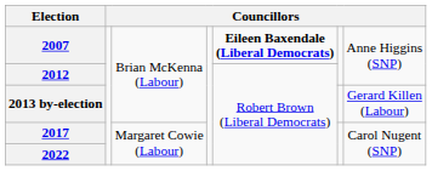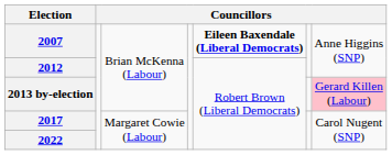 <table class="wikitable" style="text-align:center">
 <tr>
 <th>Election</th>
 <th colspan=8>Councillors</th>
 </tr>
 <tr>
 <th><a href='#'>2007</a></th>
 <td rowspan=5; style="background-color: "></td>
 <td rowspan=3>Brian McKenna<br>(<a href='#'>Labour</a>)</td>
 <td rowspan=5; style="background-color: "></td>
 <td rowspan=1><strong>Eileen Baxendale<br>(<a href='#'>Liberal Democrats</a>)</strong></td>
 <td rowspan=2; style="background-color: "></td>
 <td rowspan=2>Anne Higgins<br>(<a href='#'>SNP</a>)</td>
 </tr>
 <tr>
 <th><a href='#'>2012</a></th>
 <td rowspan=4><a href='#'>Robert Brown</a><br>(<a href='#'>Liberal Democrats</a>)</td>
 </tr>
 <tr>
 <th>2013 by-election</th>
 <td rowspan=1; style="background-color: "></td>
-<td rowspan=1><a href='#'>Gerard Killen</a><br>(<a href='#'>Labour</a>)</td>
+<td rowspan=1 style="background: pink;"><a href='#'>Gerard Killen</a><br>(<a href='#'>Labour</a>)</td>
 </tr>
 <tr>
 <th><a href='#'>2017</a></th>
 <td rowspan=2>Margaret Cowie<br>(<a href='#'>Labour</a>)</td>
 <td rowspan=2; style="background-color: "></td>
 <td rowspan=2>Carol Nugent<br>(<a href='#'>SNP</a>)</td>
 </tr>
 <tr>
 <th><a href='#'>2022</a></th>
 </tr>
 </table>
